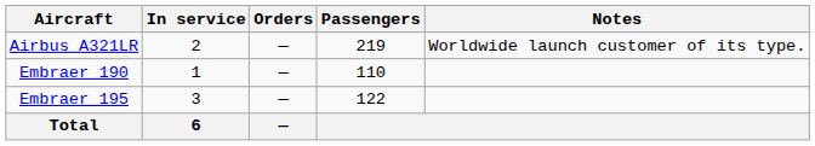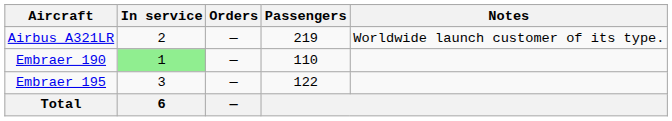 <table class="wikitable" style="text-align:center; margin:auto;">
 <tr>
 <th>Aircraft</th>
 <th>In service</th>
 <th>Orders</th>
 <th>Passengers</th>
 <th>Notes</th>
 </tr>
 <tr>
 <td><a href='#'>Airbus A321LR</a></td>
 <td>2</td>
 <td>—</td>
 <td>219</td>
 <td>Worldwide launch customer of its type.</td>
 </tr>
 <tr>
 <td><a href='#'>Embraer 190</a></td>
-<td>1</td>
+<td style="background: lightgreen;">1</td>
 <td>—</td>
 <td>110</td>
 <td></td>
 </tr>
 <tr>
 <td><a href='#'>Embraer 195</a></td>
 <td>3</td>
 <td>—</td>
 <td>122</td>
 <td></td>
 </tr>
 <tr>
 <th>Total</th>
 <th>6</th>
 <th>—</th>
 <th colspan="5"></th>
 </tr>
 </table>
